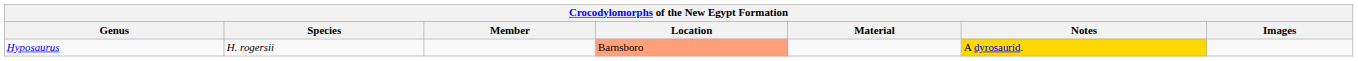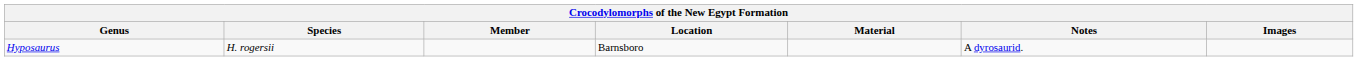 <table class="wikitable" width="100%" align="center">
 <tr>
 <th colspan="8" align="center"><strong><a href='#'>Crocodylomorphs</a> of the New Egypt Formation</strong></th>
 </tr>
 <tr>
 <th>Genus</th>
 <th>Species</th>
 <th>Member</th>
 <th>Location</th>
 <th>Material</th>
 <th>Notes</th>
 <th>Images</th>
 </tr>
 <tr>
 <td><em><a href='#'>Hyposaurus</a></em></td>
 <td><em>H. rogersii</em></td>
 <td></td>
-<td style="background: lightsalmon;">Barnsboro</td>
+<td>Barnsboro</td>
 <td></td>
-<td style="background: gold;">A <a href='#'>dyrosaurid</a>.</td>
+<td>A <a href='#'>dyrosaurid</a>.</td>
 <td></td>
 </tr>
 </table>
